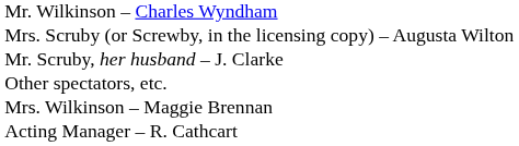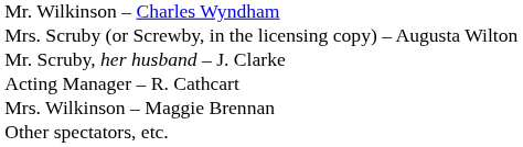 <table style="text-align: left; margin-left: 0em;" border=0 cellpadding=0>
 <tr>
 <td>Mr. Wilkinson – <a href='#'>Charles Wyndham</a></td>
 </tr>
 <tr>
 <td>Mrs. Scruby (or Screwby, in the licensing copy) – Augusta Wilton</td>
 </tr>
 <tr>
 <td>Mr. Scruby, <em>her husband</em> – J. Clarke</td>
 </tr>
 <tr>
-<td>Other spectators, etc.</td>
+<td>Acting Manager – R. Cathcart</td>
 </tr>
 <tr>
 <td>Mrs. Wilkinson – Maggie Brennan</td>
 </tr>
 <tr>
-<td>Acting Manager – R. Cathcart</td>
+<td>Other spectators, etc.</td>
 </tr>
 </table>
